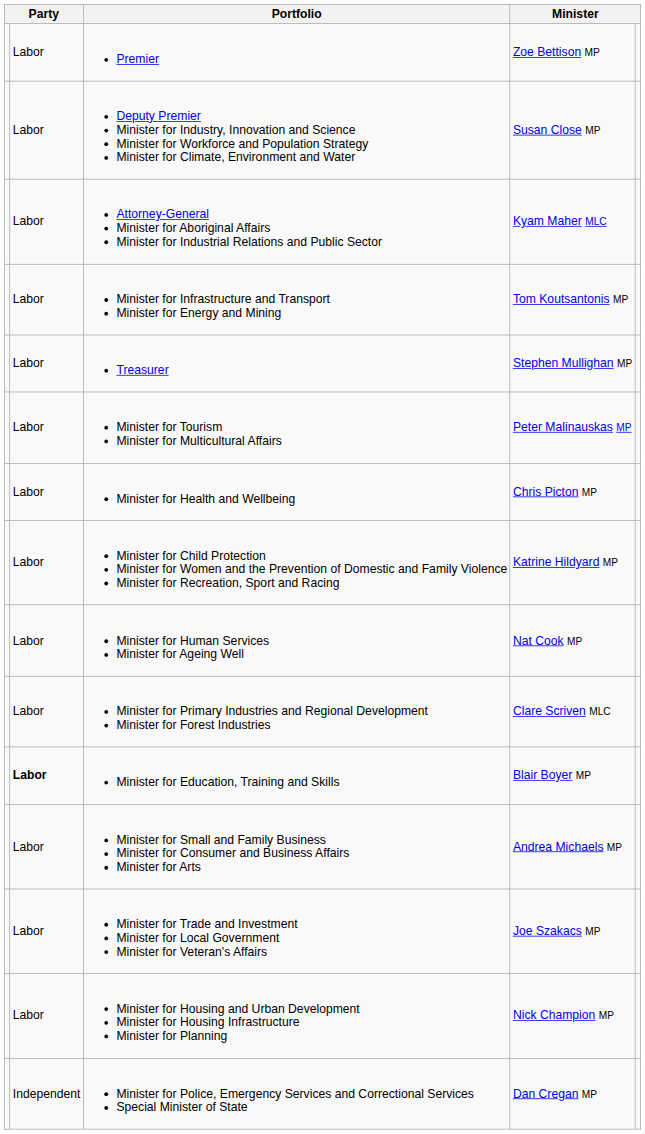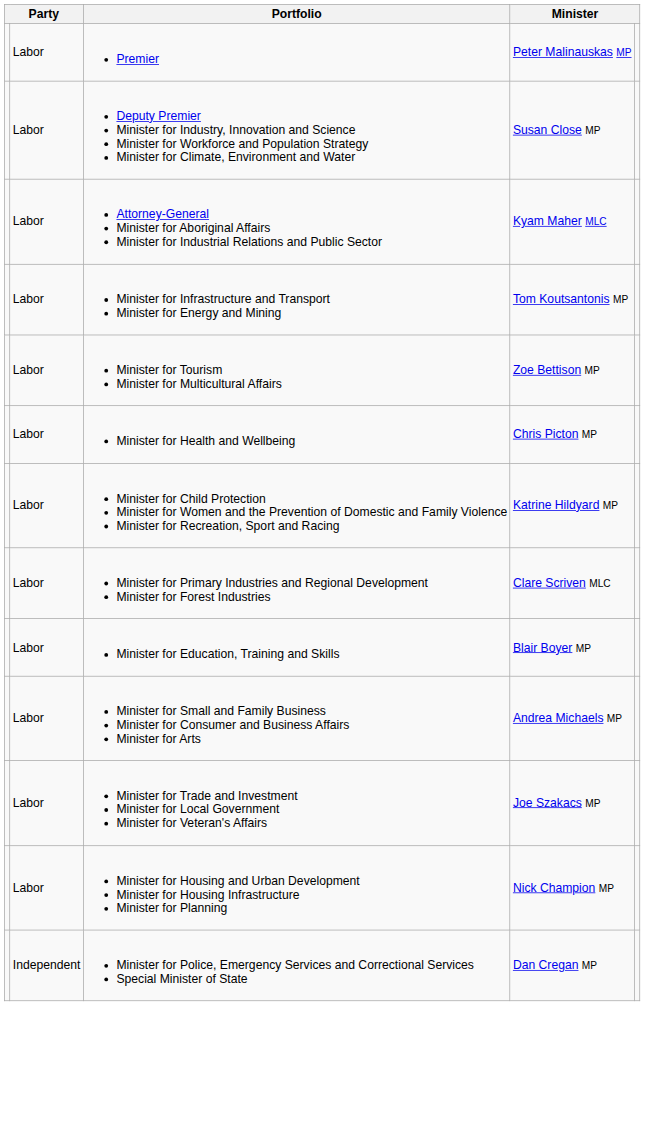 <table class="wikitable">
 <tr>
 <th colspan=2>Party</th>
 <th>Portfolio</th>
 <th colspan=2>Minister</th>
 </tr>
 <tr>
 <td style="background:"></td>
 <td>Labor</td>
 <td><br><ul><li><a href='#'>Premier</a></li></ul></td>
-<td><a href='#'>Zoe Bettison</a> <small>MP</small></td>
+<td><a href='#'>Peter Malinauskas</a> <small><a href='#'>MP</a></small></td>
 <td></td>
 </tr>
 <tr>
 <td style="background:"></td>
 <td>Labor</td>
 <td><br><ul><li><a href='#'>Deputy Premier</a></li><li>Minister for Industry, Innovation and Science</li><li>Minister for Workforce and Population Strategy</li><li>Minister for Climate, Environment and Water</li></ul></td>
 <td><a href='#'>Susan Close</a> <small>MP</small></td>
 <td></td>
 </tr>
 <tr>
 <td style="background:"></td>
 <td>Labor</td>
 <td><br><ul><li><a href='#'>Attorney-General</a></li><li>Minister for Aboriginal Affairs</li><li>Minister for Industrial Relations and Public Sector</li></ul></td>
 <td><a href='#'>Kyam Maher</a> <small><a href='#'>MLC</a></small></td>
 <td></td>
 </tr>
 <tr>
 <td style="background:"></td>
 <td>Labor</td>
 <td><br><ul><li>Minister for Infrastructure and Transport</li><li>Minister for Energy and Mining</li></ul></td>
 <td><a href='#'>Tom Koutsantonis</a> <small>MP</small></td>
 <td></td>
 </tr>
 <tr>
 <td style="background:"></td>
 <td>Labor</td>
-<td><br><ul><li><a href='#'>Treasurer</a></li></ul></td>
-<td><a href='#'>Stephen Mullighan</a> <small>MP</small></td>
-<td></td>
-</tr>
-<tr>
-<td style="background:"></td>
-<td>Labor</td>
 <td><br><ul><li>Minister for Tourism</li><li>Minister for Multicultural Affairs</li></ul></td>
-<td><a href='#'>Peter Malinauskas</a> <small><a href='#'>MP</a></small></td>
+<td><a href='#'>Zoe Bettison</a> <small>MP</small></td>
 <td></td>
 </tr>
 <tr>
 <td style="background:"></td>
 <td>Labor</td>
 <td><br><ul><li>Minister for Health and Wellbeing</li></ul></td>
 <td><a href='#'>Chris Picton</a> <small>MP</small></td>
 <td></td>
 </tr>
 <tr>
 <td style="background:"></td>
 <td>Labor</td>
 <td><br><ul><li>Minister for Child Protection</li><li>Minister for Women and the Prevention of Domestic and Family Violence</li><li>Minister for Recreation, Sport and Racing</li></ul></td>
 <td><a href='#'>Katrine Hildyard</a> <small>MP</small></td>
 <td></td>
 </tr>
 <tr>
 <td style="background:"></td>
 <td>Labor</td>
-<td><br><ul><li>Minister for Human Services</li><li>Minister for Ageing Well</li></ul></td>
-<td><a href='#'>Nat Cook</a> <small>MP</small></td>
-<td></td>
-</tr>
-<tr>
-<td style="background:"></td>
-<td>Labor</td>
 <td><br><ul><li>Minister for Primary Industries and Regional Development</li><li>Minister for Forest Industries</li></ul></td>
 <td><a href='#'>Clare Scriven</a> <small>MLC</small></td>
 <td></td>
 </tr>
 <tr>
 <td style="background:"></td>
-<td><strong>Labor</strong></td>
+<td>Labor</td>
 <td><br><ul><li>Minister for Education, Training and Skills</li></ul></td>
 <td><a href='#'>Blair Boyer</a> <small>MP</small></td>
 <td></td>
 </tr>
 <tr>
 <td style="background:"></td>
 <td>Labor</td>
 <td><br><ul><li>Minister for Small and Family Business</li><li>Minister for Consumer and Business Affairs</li><li>Minister for Arts</li></ul></td>
 <td><a href='#'>Andrea Michaels</a> <small>MP</small></td>
 <td></td>
 </tr>
 <tr>
 <td style="background:"></td>
 <td>Labor</td>
 <td><br><ul><li>Minister for Trade and Investment</li><li>Minister for Local Government</li><li>Minister for Veteran's Affairs</li></ul></td>
 <td><a href='#'>Joe Szakacs</a> <small>MP</small></td>
 <td></td>
 </tr>
 <tr>
 <td style="background:"></td>
 <td>Labor</td>
 <td><br><ul><li>Minister for Housing and Urban Development</li><li>Minister for Housing Infrastructure</li><li>Minister for Planning</li></ul></td>
 <td><a href='#'>Nick Champion</a> <small>MP</small></td>
 <td></td>
 </tr>
 <tr>
 <td style="background:"></td>
 <td>Independent</td>
 <td><br><ul><li>Minister for Police, Emergency Services and Correctional Services</li><li>Special Minister of State</li></ul></td>
 <td><a href='#'>Dan Cregan</a> <small>MP</small></td>
 <td></td>
 </tr>
 </table>
